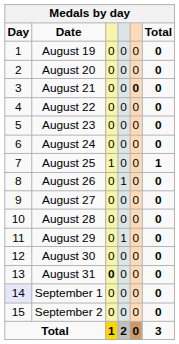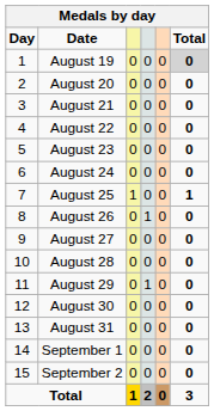 <table class=wikitable style="font-size:85%; float:right;text-align:center">
 <tr>
 <th colspan=7><strong>Medals by day</strong></th>
 </tr>
 <tr>
 <td><strong>Day</strong></td>
 <td><strong>Date</strong></td>
 <td bgcolor=F7F6A8></td>
 <td bgcolor=DCE5E5></td>
 <td bgcolor=FFDAB9></td>
 <td><strong>Total</strong></td>
 </tr>
 <tr>
 <td>1</td>
 <td>August 19</td>
 <td bgcolor=F7F6A8>0</td>
 <td bgcolor=DCE5E5>0</td>
 <td bgcolor=FFDAB9>0</td>
-<td><strong>0</strong></td>
+<td style="background: lightgrey;"><strong>0</strong></td>
 </tr>
 <tr>
 <td>2</td>
 <td>August 20</td>
 <td bgcolor=F7F6A8>0</td>
 <td bgcolor=DCE5E5>0</td>
 <td bgcolor=FFDAB9>0</td>
 <td><strong>0</strong></td>
 </tr>
 <tr>
 <td>3</td>
 <td>August 21</td>
 <td bgcolor=F7F6A8>0</td>
 <td bgcolor=DCE5E5>0</td>
-<td bgcolor=FFDAB9><strong>0</strong></td>
+<td bgcolor=FFDAB9>0</td>
 <td><strong>0</strong></td>
 </tr>
 <tr>
 <td>4</td>
 <td>August 22</td>
 <td bgcolor=F7F6A8>0</td>
 <td bgcolor=DCE5E5>0</td>
 <td bgcolor=FFDAB9>0</td>
 <td><strong>0</strong></td>
 </tr>
 <tr>
 <td>5</td>
 <td>August 23</td>
 <td bgcolor=F7F6A8>0</td>
 <td bgcolor=DCE5E5>0</td>
 <td bgcolor=FFDAB9>0</td>
 <td><strong>0</strong></td>
 </tr>
 <tr>
 <td>6</td>
 <td>August 24</td>
 <td bgcolor=F7F6A8>0</td>
 <td bgcolor=DCE5E5>0</td>
 <td bgcolor=FFDAB9>0</td>
 <td><strong>0</strong></td>
 </tr>
 <tr>
 <td>7</td>
 <td>August 25</td>
 <td bgcolor=F7F6A8>1</td>
 <td bgcolor=DCE5E5>0</td>
 <td bgcolor=FFDAB9>0</td>
 <td><strong>1</strong></td>
 </tr>
 <tr>
 <td>8</td>
 <td>August 26</td>
 <td bgcolor=F7F6A8>0</td>
 <td bgcolor=DCE5E5>1</td>
 <td bgcolor=FFDAB9>0</td>
 <td><strong>0</strong></td>
 </tr>
 <tr>
 <td>9</td>
 <td>August 27</td>
 <td bgcolor=F7F6A8>0</td>
 <td bgcolor=DCE5E5>0</td>
 <td bgcolor=FFDAB9>0</td>
 <td><strong>0</strong></td>
 </tr>
 <tr>
 <td>10</td>
 <td>August 28</td>
 <td bgcolor=F7F6A8>0</td>
 <td bgcolor=DCE5E5>0</td>
 <td bgcolor=FFDAB9>0</td>
 <td><strong>0</strong></td>
 </tr>
 <tr>
 <td>11</td>
 <td>August 29</td>
 <td bgcolor=F7F6A8>0</td>
 <td bgcolor=DCE5E5>1</td>
 <td bgcolor=FFDAB9>0</td>
 <td><strong>0</strong></td>
 </tr>
 <tr>
 <td>12</td>
 <td>August 30</td>
 <td bgcolor=F7F6A8>0</td>
 <td bgcolor=DCE5E5>0</td>
 <td bgcolor=FFDAB9>0</td>
 <td><strong>0</strong></td>
 </tr>
 <tr>
 <td>13</td>
 <td>August 31</td>
-<td bgcolor=F7F6A8><strong>0</strong></td>
+<td bgcolor=F7F6A8>0</td>
 <td bgcolor=DCE5E5>0</td>
 <td bgcolor=FFDAB9>0</td>
 <td><strong>0</strong></td>
 </tr>
 <tr>
-<td style="background: lavender;">14</td>
+<td>14</td>
 <td>September 1</td>
 <td bgcolor=F7F6A8>0</td>
 <td bgcolor=DCE5E5>0</td>
 <td bgcolor=FFDAB9>0</td>
 <td><strong>0</strong></td>
 </tr>
 <tr>
 <td>15</td>
 <td>September 2</td>
 <td bgcolor=F7F6A8>0</td>
 <td bgcolor=DCE5E5>0</td>
 <td bgcolor=FFDAB9>0</td>
 <td><strong>0</strong></td>
 </tr>
 <tr>
 <td colspan=2><strong>Total</strong></td>
 <td style="background:gold;"><strong>1</strong></td>
 <td style="background:silver;"><strong>2</strong></td>
 <td style="background:#c96;"><strong>0</strong></td>
 <td><strong>3</strong></td>
 </tr>
 </table>
